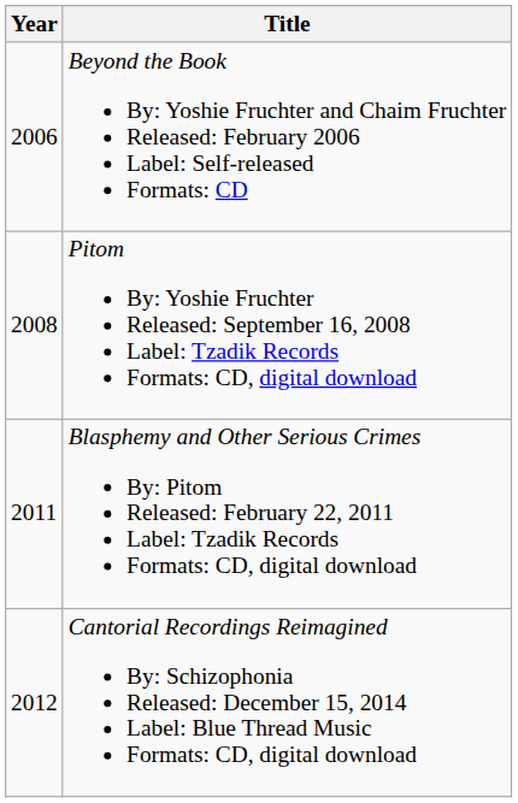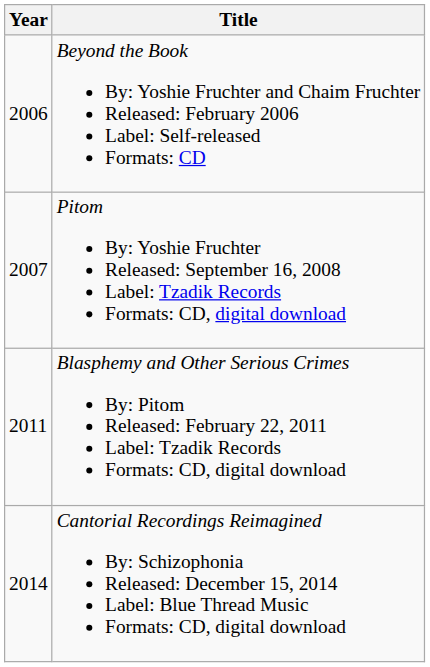 <table class="wikitable">
 <tr>
 <th rowspan="1">Year</th>
 <th rowspan="1">Title</th>
 </tr>
 <tr>
 <td>2006</td>
 <td><em>Beyond the Book</em><br><ul><li>By: Yoshie Fruchter and Chaim Fruchter</li><li>Released: February 2006</li><li>Label: Self-released</li><li>Formats: <a href='#'>CD</a></li></ul></td>
 </tr>
 <tr>
-<td>2008</td>
+<td>2007</td>
 <td><em>Pitom</em><br><ul><li>By: Yoshie Fruchter</li><li>Released: September 16, 2008</li><li>Label: <a href='#'>Tzadik Records</a></li><li>Formats: CD, <a href='#'>digital download</a></li></ul></td>
 </tr>
 <tr>
 <td>2011</td>
 <td><em>Blasphemy and Other Serious Crimes</em><br><ul><li>By: Pitom</li><li>Released: February 22, 2011</li><li>Label: Tzadik Records</li><li>Formats: CD, digital download</li></ul></td>
 </tr>
 <tr>
-<td>2012</td>
+<td>2014</td>
 <td><em>Cantorial Recordings Reimagined</em><br><ul><li>By: Schizophonia</li><li>Released: December 15, 2014</li><li>Label: Blue Thread Music</li><li>Formats: CD, digital download</li></ul></td>
 </tr>
 </table>
